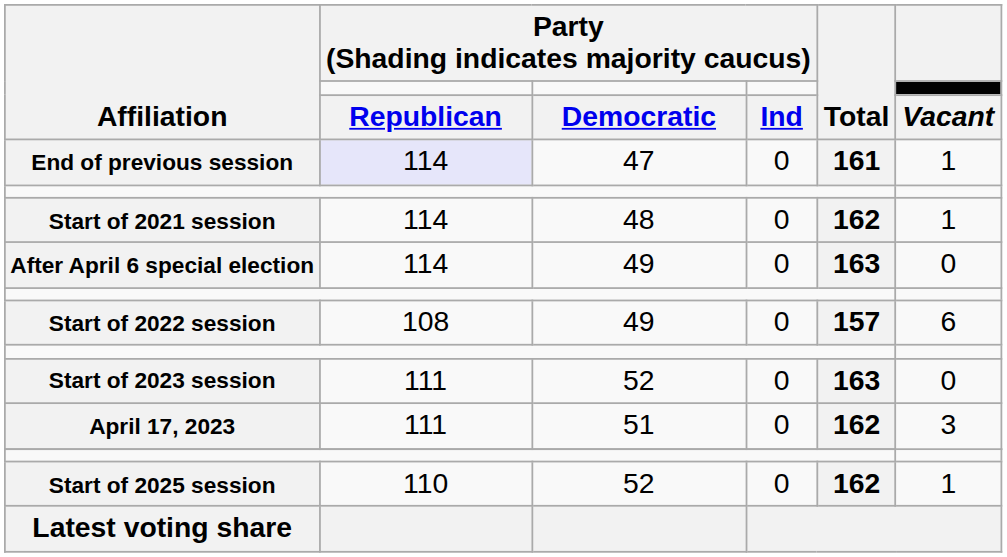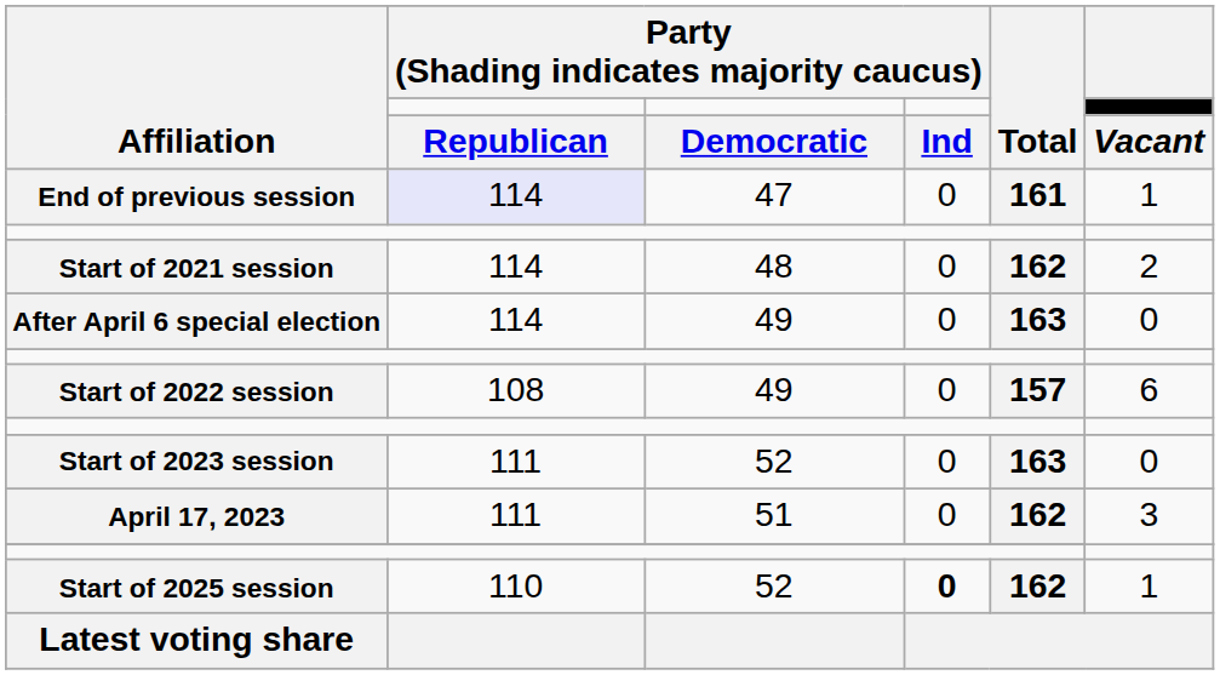 <table class="wikitable" style="text-align:center">
 <tr valign="bottom">
 <th rowspan="3">Affiliation</th>
 <th colspan="3">Party <div>(Shading indicates majority caucus)</div></th>
 <th rowspan="3">Total</th>
 <th></th>
 </tr>
 <tr style="height:5px">
 <td style="background-color:"></td>
 <td style="background-color:"></td>
 <td style="background-color:"></td>
 <td style="background: black"></td>
 </tr>
 <tr>
 <th><a href='#'>Republican</a></th>
 <th><a href='#'>Democratic</a></th>
 <th><a href='#'>Ind</a></th>
 <th><em>Vacant</em></th>
 </tr>
 <tr>
 <th nowrap="" style="font-size:80%">End of previous session</th>
 <td style="background: lavender;">114</td>
 <td>47</td>
 <td>0</td>
 <th>161</th>
 <td>1</td>
 </tr>
 <tr>
 <td colspan="5"></td>
 </tr>
 <tr>
 <th nowrap="" style="font-size:80%">Start of 2021 session</th>
 <td>114</td>
 <td>48</td>
 <td>0</td>
 <th>162</th>
-<td>1</td>
+<td>2</td>
 </tr>
 <tr>
 <th nowrap="" style="font-size:80%">After April 6 special election</th>
 <td>114</td>
 <td>49</td>
 <td>0</td>
 <th>163</th>
 <td>0</td>
 </tr>
 <tr>
 <td colspan="5"></td>
 </tr>
 <tr>
 <th nowrap="" style="font-size:80%">Start of 2022 session</th>
 <td>108</td>
 <td>49</td>
 <td>0</td>
 <th>157</th>
 <td>6</td>
 </tr>
 <tr>
 <td colspan="5"></td>
 </tr>
 <tr>
 <th nowrap="" style="font-size:80%">Start of 2023 session</th>
 <td>111</td>
 <td>52</td>
 <td>0</td>
 <th>163</th>
 <td>0</td>
 </tr>
 <tr>
 <th nowrap="" style="font-size:80%">April 17, 2023</th>
 <td>111</td>
 <td>51</td>
 <td>0</td>
 <th>162</th>
 <td>3</td>
 </tr>
 <tr>
 </tr>
 <tr>
 <td colspan="5"></td>
 </tr>
 <tr>
 <th nowrap="" style="font-size:80%">Start of 2025 session</th>
 <td>110</td>
 <td>52</td>
-<td>0</td>
+<td><strong>0</strong></td>
 <th>162</th>
 <td>1</td>
 </tr>
 <tr>
 <th>Latest voting share</th>
 <th></th>
 <th></th>
 <th colspan="3"></th>
 </tr>
 </table>
